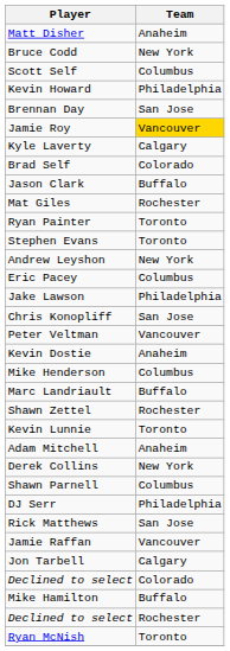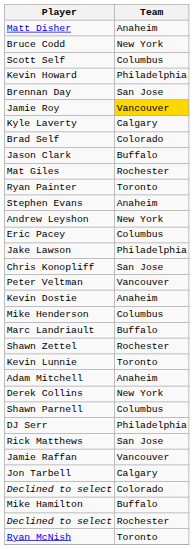 <table class="wikitable">
 <tr>
 <th>Player</th>
 <th>Team</th>
 </tr>
 <tr>
 <td><a href='#'>Matt Disher</a></td>
 <td>Anaheim</td>
 </tr>
 <tr>
 <td>Bruce Codd</td>
 <td>New York</td>
 </tr>
 <tr>
 <td>Scott Self</td>
 <td>Columbus</td>
 </tr>
 <tr>
 <td>Kevin Howard</td>
 <td>Philadelphia</td>
 </tr>
 <tr>
 <td>Brennan Day</td>
 <td>San Jose</td>
 </tr>
 <tr>
 <td>Jamie Roy</td>
 <td style="background: gold;">Vancouver</td>
 </tr>
 <tr>
 <td>Kyle Laverty</td>
 <td>Calgary</td>
 </tr>
 <tr>
 <td>Brad Self</td>
 <td>Colorado</td>
 </tr>
 <tr>
 <td>Jason Clark</td>
 <td>Buffalo</td>
 </tr>
 <tr>
 <td>Mat Giles</td>
 <td>Rochester</td>
 </tr>
 <tr>
 <td>Ryan Painter</td>
 <td>Toronto</td>
 </tr>
 <tr>
 <td>Stephen Evans</td>
-<td>Toronto</td>
+<td>Anaheim</td>
 </tr>
 <tr>
 <td>Andrew Leyshon</td>
 <td>New York</td>
 </tr>
 <tr>
 <td>Eric Pacey</td>
 <td>Columbus</td>
 </tr>
 <tr>
 <td>Jake Lawson</td>
 <td>Philadelphia</td>
 </tr>
 <tr>
 <td>Chris Konopliff</td>
 <td>San Jose</td>
 </tr>
 <tr>
 <td>Peter Veltman</td>
 <td>Vancouver</td>
 </tr>
 <tr>
 <td>Kevin Dostie</td>
 <td>Anaheim</td>
 </tr>
 <tr>
 <td>Mike Henderson</td>
 <td>Columbus</td>
 </tr>
 <tr>
 <td>Marc Landriault</td>
 <td>Buffalo</td>
 </tr>
 <tr>
 <td>Shawn Zettel</td>
 <td>Rochester</td>
 </tr>
 <tr>
 <td>Kevin Lunnie</td>
 <td>Toronto</td>
 </tr>
 <tr>
 <td>Adam Mitchell</td>
 <td>Anaheim</td>
 </tr>
 <tr>
 <td>Derek Collins</td>
 <td>New York</td>
 </tr>
 <tr>
 <td>Shawn Parnell</td>
 <td>Columbus</td>
 </tr>
 <tr>
 <td>DJ Serr</td>
 <td>Philadelphia</td>
 </tr>
 <tr>
 <td>Rick Matthews</td>
 <td>San Jose</td>
 </tr>
 <tr>
 <td>Jamie Raffan</td>
 <td>Vancouver</td>
 </tr>
 <tr>
 <td>Jon Tarbell</td>
 <td>Calgary</td>
 </tr>
 <tr>
 <td><em>Declined to select</em></td>
 <td>Colorado</td>
 </tr>
 <tr>
 <td>Mike Hamilton</td>
 <td>Buffalo</td>
 </tr>
 <tr>
 <td><em>Declined to select</em></td>
 <td>Rochester</td>
 </tr>
 <tr>
 <td><a href='#'>Ryan McNish</a></td>
 <td>Toronto</td>
 </tr>
 <tr>
 </tr>
 </table>
